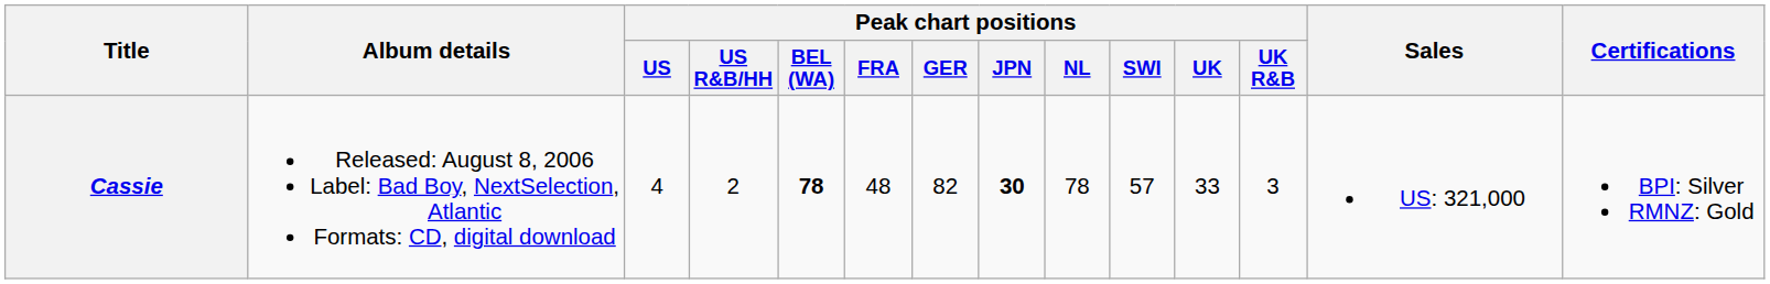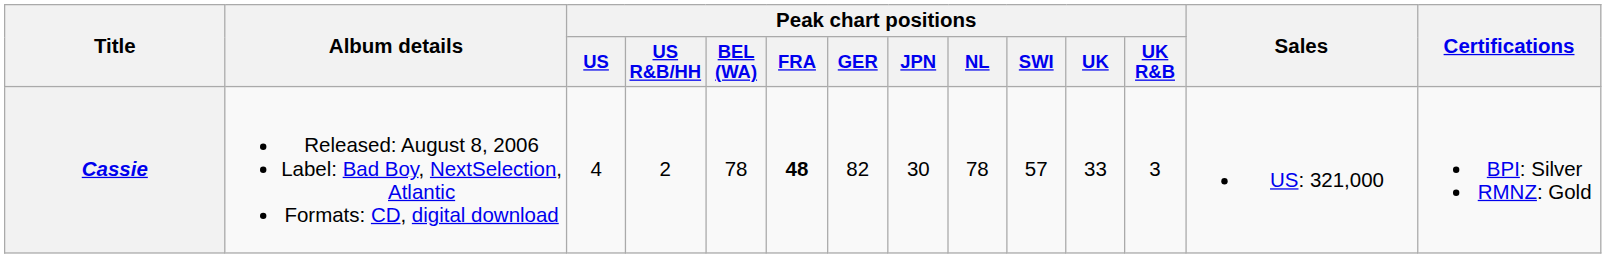 <table class="wikitable plainrowheaders" style="text-align:center;">
 <tr>
 <th scope="col" rowspan="2" style="width:12em;">Title</th>
 <th scope="col" rowspan="2" style="width:18em;">Album details</th>
 <th scope="col" colspan="10">Peak chart positions</th>
 <th scope="col" rowspan="2" style="width:12em;">Sales</th>
 <th scope="col" rowspan="2" style="width:9em;"><a href='#'>Certifications</a></th>
 </tr>
 <tr>
 <th scope="col" style="width:3em;font-size:90%;"><a href='#'>US</a><br></th>
 <th scope="col" style="width:3em;font-size:90%;"><a href='#'>US<br>R&B/HH</a><br></th>
 <th scope="col" style="width:3em;font-size:90%;"><a href='#'>BEL<br>(WA)</a><br></th>
 <th scope="col" style="width:3em;font-size:90%;"><a href='#'>FRA</a><br></th>
 <th scope="col" style="width:3em;font-size:90%;"><a href='#'>GER</a><br></th>
 <th scope="col" style="width:3em;font-size:90%;"><a href='#'>JPN</a><br></th>
 <th scope="col" style="width:3em;font-size:90%;"><a href='#'>NL</a><br></th>
 <th scope="col" style="width:3em;font-size:90%;"><a href='#'>SWI</a><br></th>
 <th scope="col" style="width:3em;font-size:90%;"><a href='#'>UK</a><br></th>
 <th scope="col" style="width:3em;font-size:90%;"><a href='#'>UK<br>R&B</a><br></th>
 </tr>
 <tr>
 <th scope="row"><em><a href='#'>Cassie</a></em></th>
 <td><br><ul><li>Released: August 8, 2006</li><li>Label: <a href='#'>Bad Boy</a>, <a href='#'>NextSelection</a>, <a href='#'>Atlantic</a></li><li>Formats: <a href='#'>CD</a>, <a href='#'>digital download</a></li></ul></td>
 <td>4</td>
 <td>2</td>
-<td><strong>78</strong></td>
-<td>48</td>
+<td>78</td>
+<td><strong>48</strong></td>
 <td>82</td>
-<td><strong>30</strong></td>
+<td>30</td>
 <td>78</td>
 <td>57</td>
 <td>33</td>
 <td>3</td>
 <td><br><ul><li><a href='#'>US</a>: 321,000</li></ul></td>
 <td><br><ul><li><a href='#'>BPI</a>: Silver</li><li><a href='#'>RMNZ</a>: Gold</li></ul></td>
 </tr>
 </table>
